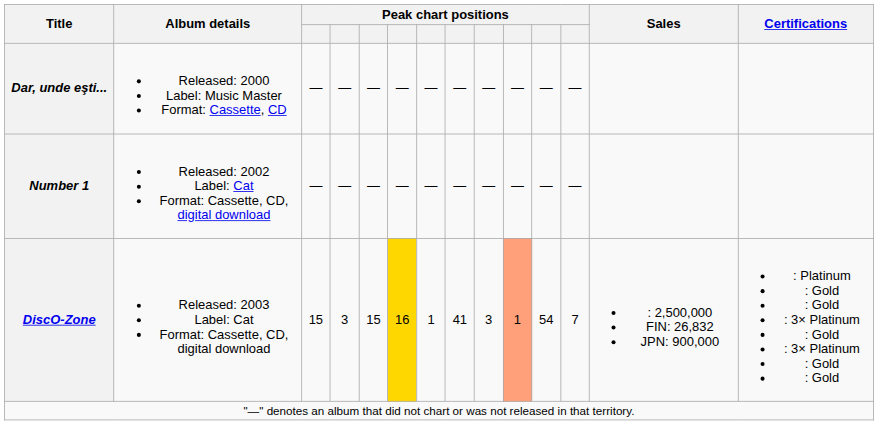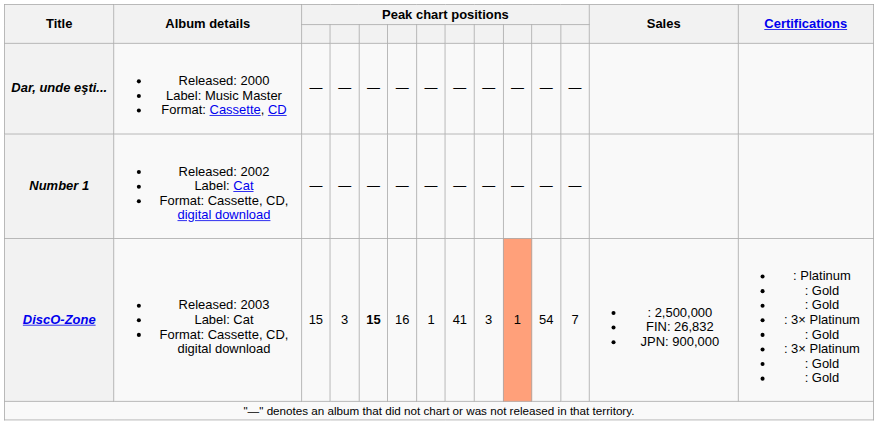 <table class="wikitable plainrowheaders" style="text-align:center;">
 <tr>
 <th scope="col" rowspan="2" style="width:8em;">Title</th>
 <th scope="col" rowspan="2" style="width:14em;">Album details</th>
 <th scope="col" colspan="10">Peak chart positions</th>
 <th scope="col" rowspan="2" style="width:11em;">Sales</th>
 <th scope="col" rowspan="2" style="width:10em;"><a href='#'>Certifications</a></th>
 </tr>
 <tr>
 <th scope="col" style="width:2em;font-size:90%;"><a href='#'></a><br></th>
 <th scope="col" style="width:2em;font-size:90%;"><a href='#'></a><br></th>
 <th scope="col" style="width:2em;font-size:90%;"><a href='#'></a><br></th>
 <th scope="col" style="width:2em;font-size:90%;"><a href='#'></a><br></th>
 <th scope="col" style="width:2em;font-size:90%;"><a href='#'></a><br></th>
 <th scope="col" style="width:2em;font-size:90%;"><a href='#'></a><br></th>
 <th scope="col" style="width:2em;font-size:90%;"><a href='#'></a><br></th>
 <th scope="col" style="width:2em;font-size:90%;"><a href='#'></a><br></th>
 <th scope="col" style="width:2em;font-size:90%;"><a href='#'></a><br></th>
 <th scope="col" style="width:2em;font-size:90%;"><a href='#'></a><br></th>
 </tr>
 <tr>
 <th scope="row"><em>Dar, unde eşti...</em></th>
 <td><br><ul><li>Released: 2000</li><li>Label: Music Master</li><li>Format: <a href='#'>Cassette</a>, <a href='#'>CD</a></li></ul></td>
 <td>—</td>
 <td>—</td>
 <td>—</td>
 <td>—</td>
 <td>—</td>
 <td>—</td>
 <td>—</td>
 <td>—</td>
 <td>—</td>
 <td>—</td>
 <td></td>
 <td></td>
 </tr>
 <tr>
 <th scope="row"><em>Number 1</em></th>
 <td><br><ul><li>Released: 2002</li><li>Label: <a href='#'>Cat</a></li><li>Format: Cassette, CD, <a href='#'>digital download</a></li></ul></td>
 <td>—</td>
 <td>—</td>
 <td>—</td>
 <td>—</td>
 <td>—</td>
 <td>—</td>
 <td>—</td>
 <td>—</td>
 <td>—</td>
 <td>—</td>
 <td></td>
 <td></td>
 </tr>
 <tr>
 <th scope="row"><em><a href='#'>DiscO-Zone</a></em></th>
 <td><br><ul><li>Released: 2003</li><li>Label: Cat</li><li>Format: Cassette, CD, digital download</li></ul></td>
 <td>15</td>
 <td>3</td>
-<td>15</td>
-<td style="background: gold;">16</td>
+<td><strong>15</strong></td>
+<td>16</td>
 <td>1</td>
 <td>41</td>
 <td>3</td>
 <td style="background: lightsalmon;">1</td>
 <td>54</td>
 <td>7</td>
 <td><br><ul><li>: 2,500,000</li><li>FIN: 26,832</li><li>JPN: 900,000</li></ul></td>
 <td><br><ul><li><a href='#'></a>: Platinum</li><li><a href='#'></a>: Gold</li><li><a href='#'></a>: Gold</li><li><a href='#'></a>: 3× Platinum</li><li><a href='#'></a>: Gold</li><li><a href='#'></a>: 3× Platinum</li><li><a href='#'></a>: Gold</li><li><a href='#'></a>: Gold</li></ul></td>
 </tr>
 <tr>
 <td colspan="16" style="font-size:90%">"—" denotes an album that did not chart or was not released in that territory.</td>
 </tr>
 </table>
